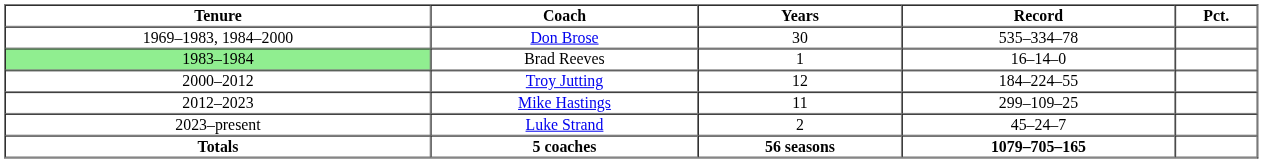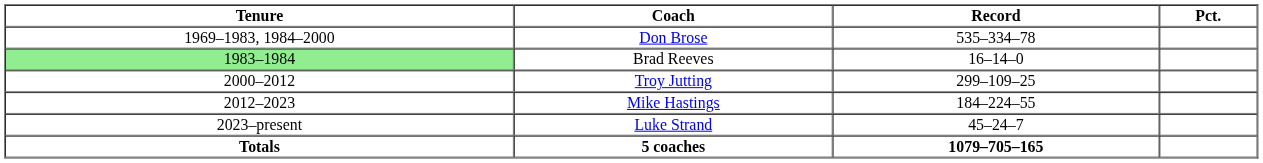 <table cellpadding="1" border="1" cellspacing="0" width="80%">
 <tr>
 <th>Tenure</th>
 <th>Coach</th>
-<th>Years</th>
 <th>Record</th>
 <th>Pct.</th>
 </tr>
 <tr align="center">
 <td>1969–1983, 1984–2000</td>
 <td><a href='#'>Don Brose</a></td>
-<td>30</td>
 <td>535–334–78</td>
 <td></td>
 </tr>
 <tr align="center">
 <td style="background: lightgreen;">1983–1984</td>
 <td>Brad Reeves</td>
-<td>1</td>
 <td>16–14–0</td>
 <td></td>
 </tr>
 <tr align="center">
 <td>2000–2012</td>
 <td><a href='#'>Troy Jutting</a></td>
-<td>12</td>
-<td>184–224–55</td>
+<td>299–109–25</td>
 <td></td>
 </tr>
 <tr align="center">
 <td>2012–2023</td>
 <td><a href='#'>Mike Hastings</a></td>
-<td>11</td>
-<td>299–109–25</td>
+<td>184–224–55</td>
 <td></td>
 </tr>
 <tr align="center">
 <td>2023–present</td>
 <td><a href='#'>Luke Strand</a></td>
-<td>2</td>
 <td>45–24–7</td>
 <td></td>
 </tr>
 <tr>
 <th>Totals</th>
 <th>5 coaches</th>
-<th>56 seasons</th>
 <th>1079–705–165</th>
 <th></th>
 </tr>
 </table>
